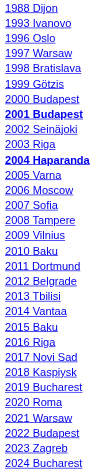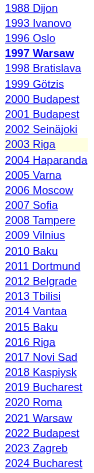 <table>
 <tr>
 <td><a href='#'>1988 Dijon</a></td>
 <td></td>
 <td></td>
 <td></td>
 </tr>
 <tr>
 <td><a href='#'>1993 Ivanovo</a></td>
 <td></td>
 <td></td>
 <td></td>
 </tr>
 <tr>
 <td><a href='#'>1996 Oslo</a></td>
 <td></td>
 <td></td>
 <td></td>
 </tr>
 <tr>
-<td><a href='#'>1997 Warsaw</a></td>
+<td><strong><a href='#'>1997 Warsaw</a></strong></td>
 <td></td>
 <td></td>
 <td></td>
 </tr>
 <tr>
 <td><a href='#'>1998 Bratislava</a></td>
 <td></td>
 <td></td>
 <td></td>
 </tr>
 <tr>
 <td><a href='#'>1999 Götzis</a></td>
 <td></td>
 <td></td>
 <td></td>
 </tr>
 <tr>
 <td><a href='#'>2000 Budapest</a></td>
 <td></td>
 <td></td>
 <td></td>
 </tr>
 <tr>
-<td><strong><a href='#'>2001 Budapest</a></strong></td>
+<td><a href='#'>2001 Budapest</a></td>
 <td></td>
 <td></td>
 <td></td>
 </tr>
 <tr>
 <td><a href='#'>2002 Seinäjoki</a></td>
 <td></td>
 <td></td>
 <td></td>
 </tr>
 <tr>
-<td><a href='#'>2003 Riga</a></td>
+<td style="background: lightyellow;"><a href='#'>2003 Riga</a></td>
 <td></td>
 <td></td>
 <td></td>
 </tr>
 <tr>
-<td><strong><a href='#'>2004 Haparanda</a></strong></td>
+<td><a href='#'>2004 Haparanda</a></td>
 <td></td>
 <td></td>
 <td></td>
 </tr>
 <tr>
 <td rowspan=2><a href='#'>2005 Varna</a></td>
 <td rowspan=2></td>
 <td rowspan=2></td>
 <td></td>
 </tr>
 <tr>
 <td></td>
 </tr>
 <tr>
 <td rowspan=2><a href='#'>2006 Moscow</a></td>
 <td rowspan=2></td>
 <td rowspan=2></td>
 <td></td>
 </tr>
 <tr>
 <td></td>
 </tr>
 <tr>
 <td rowspan=2><a href='#'>2007 Sofia</a></td>
 <td rowspan=2></td>
 <td rowspan=2></td>
 <td></td>
 </tr>
 <tr>
 <td></td>
 </tr>
 <tr>
 <td rowspan=2><a href='#'>2008 Tampere</a></td>
 <td rowspan=2></td>
 <td rowspan=2></td>
 <td></td>
 </tr>
 <tr>
 <td></td>
 </tr>
 <tr>
 <td rowspan=2><a href='#'>2009 Vilnius</a></td>
 <td rowspan=2></td>
 <td rowspan=2></td>
 <td></td>
 </tr>
 <tr>
 <td></td>
 </tr>
 <tr>
 <td rowspan=2><a href='#'>2010 Baku</a></td>
 <td rowspan=2></td>
 <td rowspan=2></td>
 <td></td>
 </tr>
 <tr>
 <td></td>
 </tr>
 <tr>
 <td rowspan=2><a href='#'>2011 Dortmund</a></td>
 <td rowspan=2></td>
 <td rowspan=2></td>
 <td></td>
 </tr>
 <tr>
 <td></td>
 </tr>
 <tr>
 <td rowspan=2><a href='#'>2012 Belgrade</a></td>
 <td rowspan=2></td>
 <td rowspan=2></td>
 <td></td>
 </tr>
 <tr>
 <td></td>
 </tr>
 <tr>
 <td rowspan=2><a href='#'>2013 Tbilisi</a></td>
 <td rowspan=2></td>
 <td rowspan=2></td>
 <td></td>
 </tr>
 <tr>
 <td></td>
 </tr>
 <tr>
 <td rowspan=2><a href='#'>2014 Vantaa</a></td>
 <td rowspan=2></td>
 <td rowspan=2></td>
 <td></td>
 </tr>
 <tr>
 <td></td>
 </tr>
 <tr>
 <td rowspan=2><a href='#'>2015 Baku</a></td>
 <td rowspan=2></td>
 <td rowspan=2></td>
 <td></td>
 </tr>
 <tr>
 <td></td>
 </tr>
 <tr>
 <td rowspan=2><a href='#'>2016 Riga</a></td>
 <td rowspan=2></td>
 <td rowspan=2></td>
 <td></td>
 </tr>
 <tr>
 <td></td>
 </tr>
 <tr>
 <td rowspan=2><a href='#'>2017 Novi Sad</a></td>
 <td rowspan=2></td>
 <td rowspan=2></td>
 <td></td>
 </tr>
 <tr>
 <td></td>
 </tr>
 <tr>
 <td rowspan=2><a href='#'>2018 Kaspiysk</a></td>
 <td rowspan=2></td>
 <td rowspan=2></td>
 <td></td>
 </tr>
 <tr>
 <td></td>
 </tr>
 <tr>
 <td rowspan=2><a href='#'>2019 Bucharest</a></td>
 <td rowspan=2></td>
 <td rowspan=2></td>
 <td></td>
 </tr>
 <tr>
 <td></td>
 </tr>
 <tr>
 <td rowspan=2><a href='#'>2020 Roma</a></td>
 <td rowspan=2></td>
 <td rowspan=2></td>
 <td></td>
 </tr>
 <tr>
 <td></td>
 </tr>
 <tr>
 <td rowspan=2><a href='#'>2021 Warsaw</a></td>
 <td rowspan=2></td>
 <td rowspan=2></td>
 <td></td>
 </tr>
 <tr>
 <td></td>
 </tr>
 <tr>
 <td rowspan=2><a href='#'>2022 Budapest</a></td>
 <td rowspan=2></td>
 <td rowspan=2></td>
 <td></td>
 </tr>
 <tr>
 <td></td>
 </tr>
 <tr>
 <td rowspan=2><a href='#'>2023 Zagreb</a></td>
 <td rowspan=2></td>
 <td rowspan=2></td>
 <td></td>
 </tr>
 <tr>
 <td></td>
 </tr>
 <tr>
 <td rowspan=2><a href='#'>2024 Bucharest</a></td>
 <td rowspan=2></td>
 <td rowspan=2></td>
 <td></td>
 </tr>
 <tr>
 <td></td>
 </tr>
 </table>
